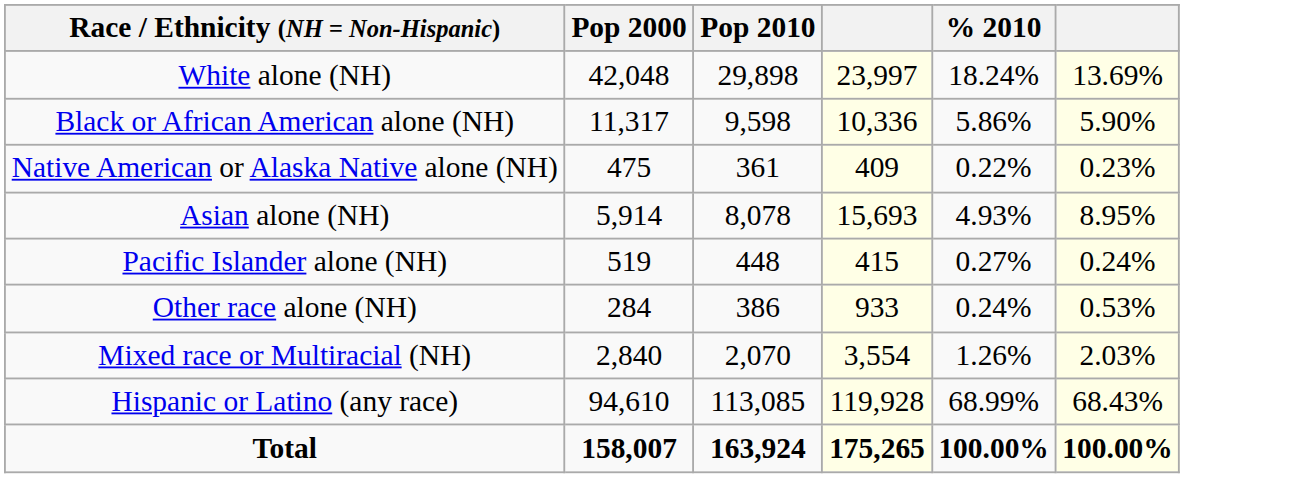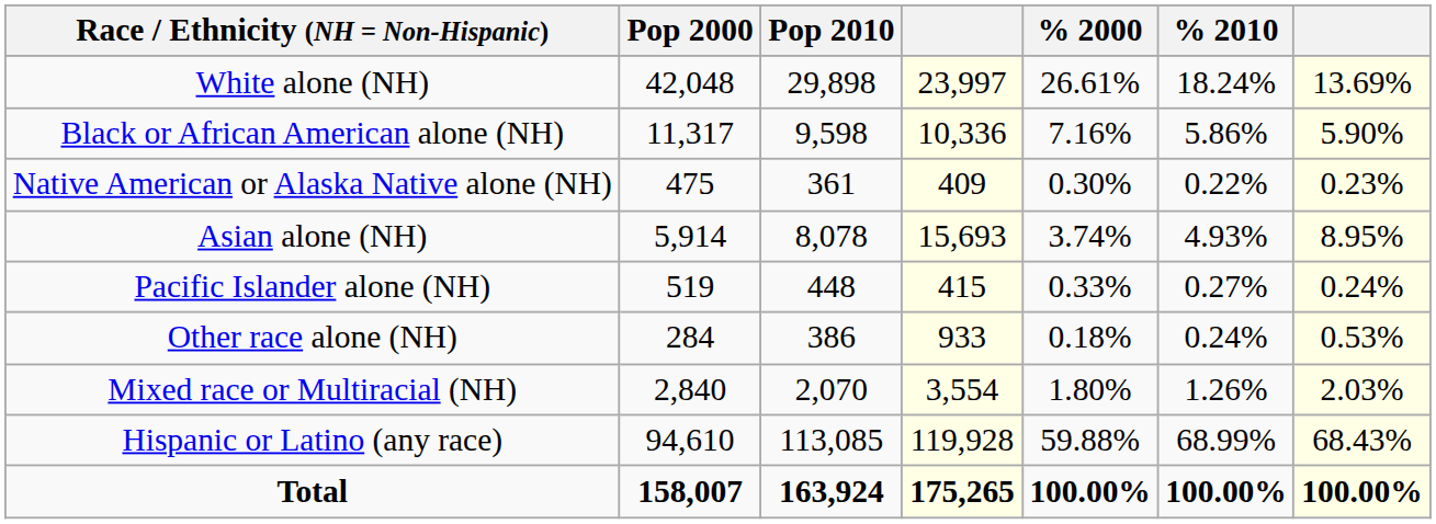 <table class="wikitable" style="text-align:center;">
 <tr>
 <th>Race / Ethnicity <small>(<em>NH = Non-Hispanic</em>)</small></th>
 <th>Pop 2000</th>
 <th>Pop 2010</th>
 <th></th>
+<th>% 2000</th>
 <th>% 2010</th>
 <th></th>
 </tr>
 <tr>
 <td><a href='#'>White</a> alone (NH)</td>
 <td>42,048</td>
 <td>29,898</td>
 <td style='background: #ffffe6;'>23,997</td>
+<td>26.61%</td>
 <td>18.24%</td>
 <td style='background: #ffffe6;'>13.69%</td>
 </tr>
 <tr>
 <td><a href='#'>Black or African American</a> alone (NH)</td>
 <td>11,317</td>
 <td>9,598</td>
 <td style='background: #ffffe6;'>10,336</td>
+<td>7.16%</td>
 <td>5.86%</td>
 <td style='background: #ffffe6;'>5.90%</td>
 </tr>
 <tr>
 <td><a href='#'>Native American</a> or <a href='#'>Alaska Native</a> alone (NH)</td>
 <td>475</td>
 <td>361</td>
 <td style='background: #ffffe6;'>409</td>
+<td>0.30%</td>
 <td>0.22%</td>
 <td style='background: #ffffe6;'>0.23%</td>
 </tr>
 <tr>
 <td><a href='#'>Asian</a> alone (NH)</td>
 <td>5,914</td>
 <td>8,078</td>
 <td style='background: #ffffe6;'>15,693</td>
+<td>3.74%</td>
 <td>4.93%</td>
 <td style='background: #ffffe6;'>8.95%</td>
 </tr>
 <tr>
 <td><a href='#'>Pacific Islander</a> alone (NH)</td>
 <td>519</td>
 <td>448</td>
 <td style='background: #ffffe6;'>415</td>
+<td>0.33%</td>
 <td>0.27%</td>
 <td style='background: #ffffe6;'>0.24%</td>
 </tr>
 <tr>
 <td><a href='#'>Other race</a> alone (NH)</td>
 <td>284</td>
 <td>386</td>
 <td style='background: #ffffe6;'>933</td>
+<td>0.18%</td>
 <td>0.24%</td>
 <td style='background: #ffffe6;'>0.53%</td>
 </tr>
 <tr>
 <td><a href='#'>Mixed race or Multiracial</a> (NH)</td>
 <td>2,840</td>
 <td>2,070</td>
 <td style='background: #ffffe6;'>3,554</td>
+<td>1.80%</td>
 <td>1.26%</td>
 <td style='background: #ffffe6;'>2.03%</td>
 </tr>
 <tr>
 <td><a href='#'>Hispanic or Latino</a> (any race)</td>
 <td>94,610</td>
 <td>113,085</td>
 <td style='background: #ffffe6;'>119,928</td>
+<td>59.88%</td>
 <td>68.99%</td>
 <td style='background: #ffffe6;'>68.43%</td>
 </tr>
 <tr>
 <td><strong>Total</strong></td>
 <td><strong>158,007</strong></td>
 <td><strong>163,924</strong></td>
 <td style='background: #ffffe6;'><strong>175,265</strong></td>
 <td><strong>100.00%</strong></td>
+<td><strong>100.00%</strong></td>
 <td style='background: #ffffe6;'><strong>100.00%</strong></td>
 </tr>
 </table>
